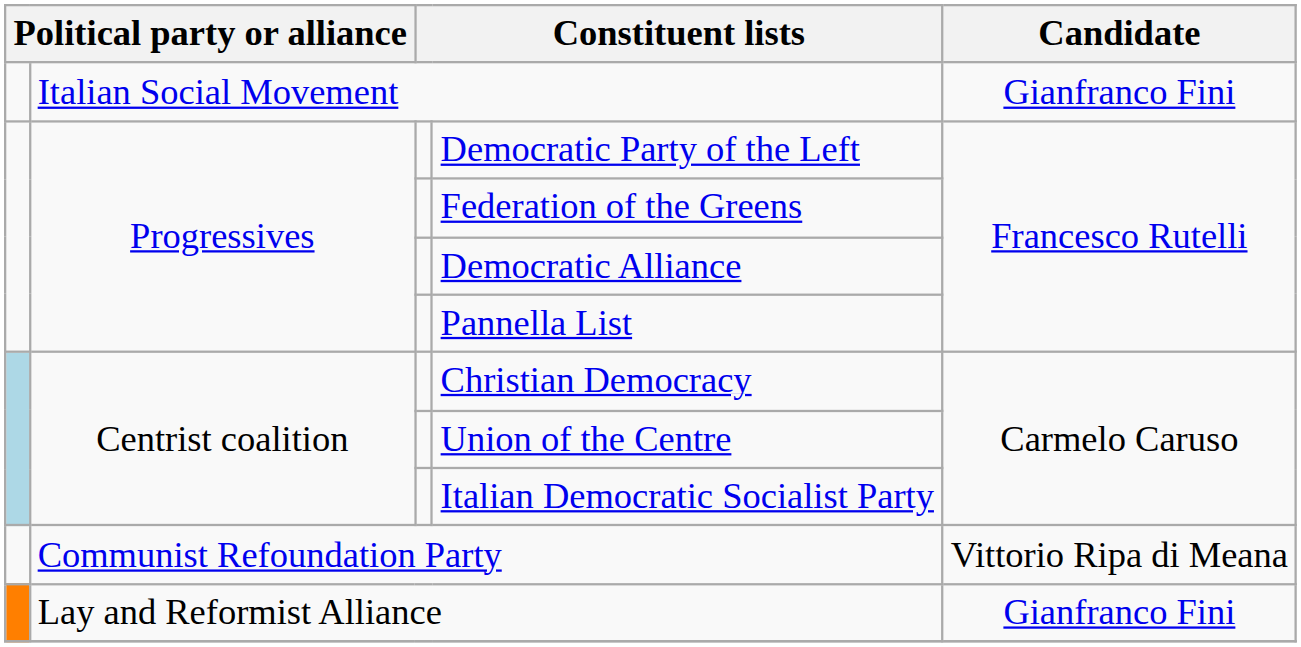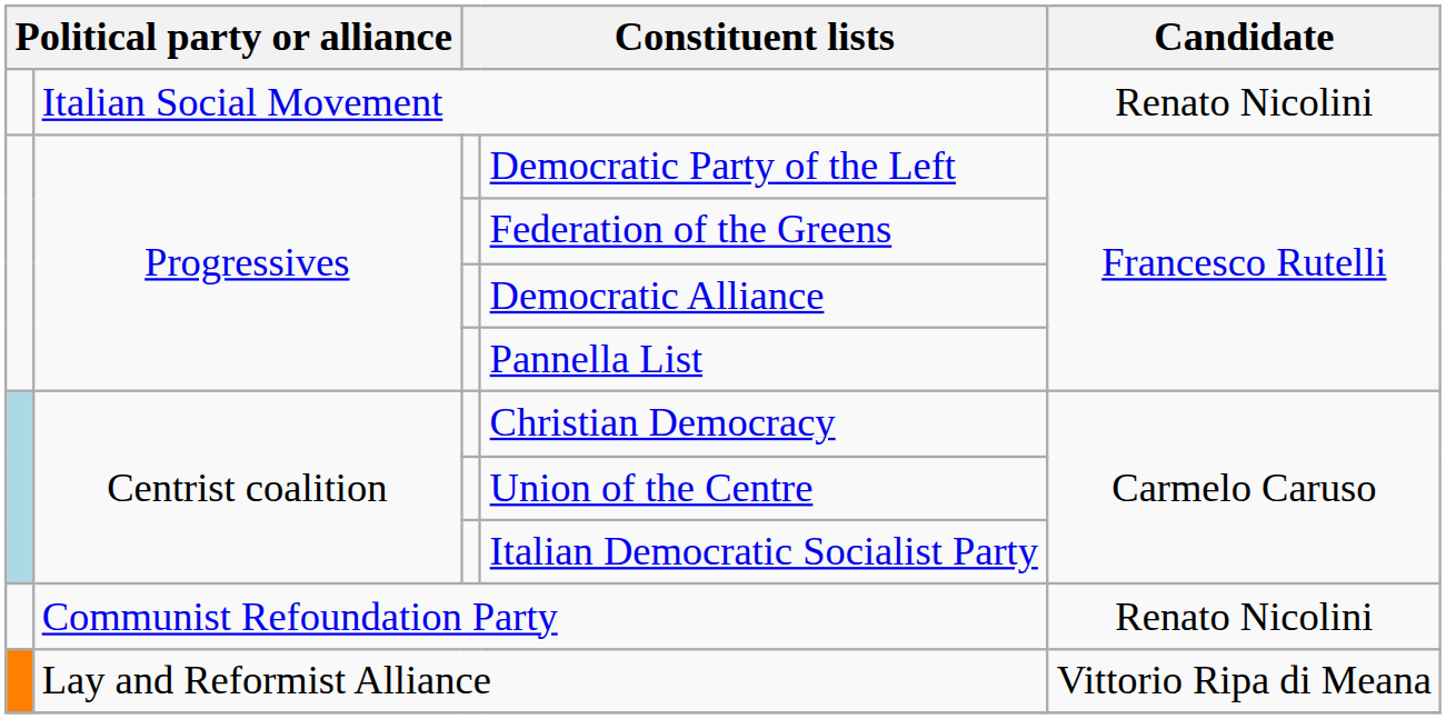 <table class=wikitable style="text-align:left">
 <tr>
 <th colspan=2>Political party or alliance</th>
 <th colspan=2>Constituent lists</th>
 <th>Candidate</th>
 </tr>
 <tr>
 <td style="background-color:"></td>
 <td colspan=3  style="text-align:left;"><a href='#'>Italian Social Movement</a></td>
-<td style="text-align:center;"><a href='#'>Gianfranco Fini</a></td>
+<td style="text-align:center;">Renato Nicolini</td>
 </tr>
 <tr>
 <td rowspan=4 style="background-color:"></td>
 <td rowspan=4 style="text-align:center;"><a href='#'>Progressives</a></td>
 <td></td>
 <td style="text-align:left;"><a href='#'>Democratic Party of the Left</a></td>
 <td rowspan=4 style="text-align:center;"><a href='#'>Francesco Rutelli</a></td>
 </tr>
 <tr>
 <td></td>
 <td style="text-align:left;"><a href='#'>Federation of the Greens</a></td>
 </tr>
 <tr>
 <td></td>
 <td style="text-align:left;"><a href='#'>Democratic Alliance</a></td>
 </tr>
 <tr>
 <td></td>
 <td style="text-align:left;"><a href='#'>Pannella List</a></td>
 </tr>
 <tr>
 <td rowspan="3" style="background:lightblue;"></td>
 <td rowspan=3 style="text-align:center;">Centrist coalition</td>
 <td></td>
 <td style="text-align:left;"><a href='#'>Christian Democracy</a></td>
 <td rowspan="3" style="text-align:center;">Carmelo Caruso</td>
 </tr>
 <tr>
 <td style="background-color:"></td>
 <td style="text-align:left;"><a href='#'>Union of the Centre</a></td>
 </tr>
 <tr>
 <td></td>
 <td style="text-align:left;"><a href='#'>Italian Democratic Socialist Party</a></td>
 </tr>
 <tr>
 <td></td>
 <td colspan=3  style="text-align:left;"><a href='#'>Communist Refoundation Party</a></td>
-<td style="text-align:center;">Vittorio Ripa di Meana</td>
+<td style="text-align:center;">Renato Nicolini</td>
 </tr>
 <tr>
 <td style="background-color:#FF7F00"></td>
 <td colspan=3  style="text-align:left;">Lay and Reformist Alliance</td>
-<td style="text-align:center;"><a href='#'>Gianfranco Fini</a></td>
+<td style="text-align:center;">Vittorio Ripa di Meana</td>
 </tr>
 <tr>
 </tr>
 </table>
